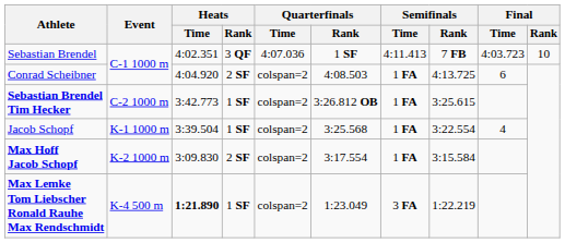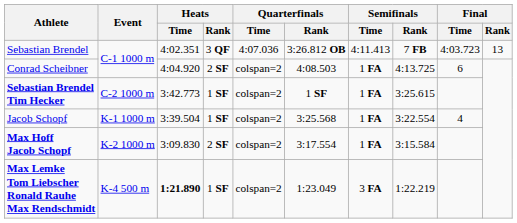 <table class=wikitable style="font-size:90%">
 <tr>
 <th rowspan="2">Athlete</th>
 <th rowspan="2">Event</th>
 <th colspan=2>Heats</th>
 <th colspan=2>Quarterfinals</th>
 <th colspan=2>Semifinals</th>
 <th colspan=2>Final</th>
 </tr>
 <tr style="font-size:95%">
 <th>Time</th>
 <th>Rank</th>
 <th>Time</th>
 <th>Rank</th>
 <th>Time</th>
 <th>Rank</th>
 <th>Time</th>
 <th>Rank</th>
 </tr>
 <tr align=center>
 <td align=left><a href='#'>Sebastian Brendel</a></td>
 <td align=left rowspan=2><a href='#'>C-1 1000 m</a></td>
 <td>4:02.351</td>
 <td>3 <strong>QF</strong></td>
 <td>4:07.036</td>
-<td>1 <strong>SF</strong></td>
+<td>3:26.812 <strong>OB</strong></td>
 <td>4:11.413</td>
 <td>7 <strong>FB</strong></td>
 <td>4:03.723</td>
-<td>10</td>
+<td>13</td>
 </tr>
 <tr align=center>
 <td align=left><a href='#'>Conrad Scheibner</a></td>
 <td>4:04.920</td>
 <td>2 <strong>SF</strong></td>
 <td>colspan=2 </td>
 <td>4:08.503</td>
 <td>1 <strong>FA</strong></td>
 <td>4:13.725</td>
 <td>6</td>
 </tr>
 <tr align=center>
 <td align=left><strong><a href='#'>Sebastian Brendel</a><br><a href='#'>Tim Hecker</a></strong></td>
 <td align=left><a href='#'>C-2 1000 m</a></td>
 <td>3:42.773</td>
 <td>1 <strong>SF</strong></td>
 <td>colspan=2 </td>
-<td>3:26.812 <strong>OB</strong></td>
+<td>1 <strong>SF</strong></td>
 <td>1 <strong>FA</strong></td>
 <td>3:25.615</td>
 <td></td>
 </tr>
 <tr align=center>
 <td align=left><a href='#'>Jacob Schopf</a></td>
 <td align=left><a href='#'>K-1 1000 m</a></td>
 <td>3:39.504</td>
 <td>1 <strong>SF</strong></td>
 <td>colspan=2 </td>
 <td>3:25.568</td>
 <td>1 <strong>FA</strong></td>
 <td>3:22.554</td>
 <td>4</td>
 </tr>
 <tr align=center>
 <td align=left><strong><a href='#'>Max Hoff</a><br><a href='#'>Jacob Schopf</a></strong></td>
 <td align=left><a href='#'>K-2 1000 m</a></td>
 <td>3:09.830</td>
 <td>2 <strong>SF</strong></td>
 <td>colspan=2 </td>
 <td>3:17.554</td>
 <td>1 <strong>FA</strong></td>
 <td>3:15.584</td>
 <td></td>
 </tr>
 <tr align=center>
 <td align=left><strong><a href='#'>Max Lemke</a><br><a href='#'>Tom Liebscher</a><br><a href='#'>Ronald Rauhe</a><br><a href='#'>Max Rendschmidt</a></strong></td>
 <td align=left><a href='#'>K-4 500 m</a></td>
 <td><strong>1:21.890</strong></td>
 <td>1 <strong>SF</strong></td>
 <td>colspan=2 </td>
 <td>1:23.049</td>
 <td>3 <strong>FA</strong></td>
 <td>1:22.219</td>
 <td></td>
 </tr>
 </table>
